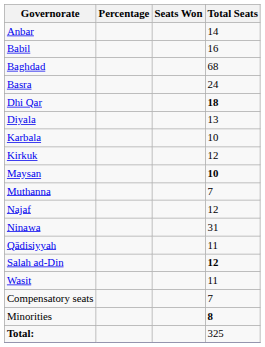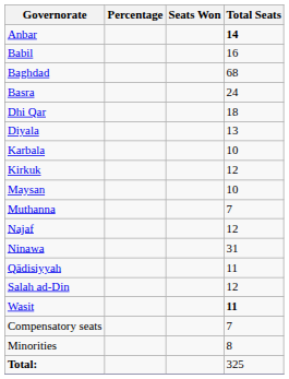 <table class=wikitable style="border:1px solid #8888aa; background-color:#f8f8f8; padding:0px; font-size:90%;">
 <tr>
 <th>Governorate</th>
 <th>Percentage</th>
 <th>Seats Won</th>
 <th>Total Seats</th>
 </tr>
 <tr>
 <td><a href='#'>Anbar</a></td>
 <td></td>
 <td></td>
-<td>14</td>
+<td><strong>14</strong></td>
 </tr>
 <tr>
 <td><a href='#'>Babil</a></td>
 <td></td>
 <td></td>
 <td>16</td>
 </tr>
 <tr>
 <td><a href='#'>Baghdad</a></td>
 <td></td>
 <td></td>
 <td>68</td>
 </tr>
 <tr>
 <td><a href='#'>Basra</a></td>
 <td></td>
 <td></td>
 <td>24</td>
 </tr>
 <tr>
 <td><a href='#'>Dhi Qar</a></td>
 <td></td>
 <td></td>
-<td><strong>18</strong></td>
+<td>18</td>
 </tr>
 <tr>
 <td><a href='#'>Diyala</a></td>
 <td></td>
 <td></td>
 <td>13</td>
 </tr>
 <tr>
 <td><a href='#'>Karbala</a></td>
 <td></td>
 <td></td>
 <td>10</td>
 </tr>
 <tr>
 <td><a href='#'>Kirkuk</a></td>
 <td></td>
 <td></td>
 <td>12</td>
 </tr>
 <tr>
 <td><a href='#'>Maysan</a></td>
 <td></td>
 <td></td>
-<td><strong>10</strong></td>
+<td>10</td>
 </tr>
 <tr>
 <td><a href='#'>Muthanna</a></td>
 <td></td>
 <td></td>
 <td>7</td>
 </tr>
 <tr>
 <td><a href='#'>Najaf</a></td>
 <td></td>
 <td></td>
 <td>12</td>
 </tr>
 <tr>
 <td><a href='#'>Ninawa</a></td>
 <td></td>
 <td></td>
 <td>31</td>
 </tr>
 <tr>
 <td><a href='#'>Qādisiyyah</a></td>
 <td></td>
 <td></td>
 <td>11</td>
 </tr>
 <tr>
 <td><a href='#'>Salah ad-Din</a></td>
 <td></td>
 <td></td>
-<td><strong>12</strong></td>
+<td>12</td>
 </tr>
 <tr>
 <td><a href='#'>Wasit</a></td>
 <td></td>
 <td></td>
-<td>11</td>
+<td><strong>11</strong></td>
 </tr>
 <tr>
 <td>Compensatory seats</td>
 <td></td>
 <td></td>
 <td>7</td>
 </tr>
 <tr>
 <td>Minorities</td>
 <td></td>
 <td></td>
-<td><strong>8</strong></td>
+<td>8</td>
 </tr>
 <tr>
 <td><strong>Total:</strong></td>
 <td></td>
 <td></td>
 <td>325</td>
 </tr>
 <tr>
 </tr>
 </table>
